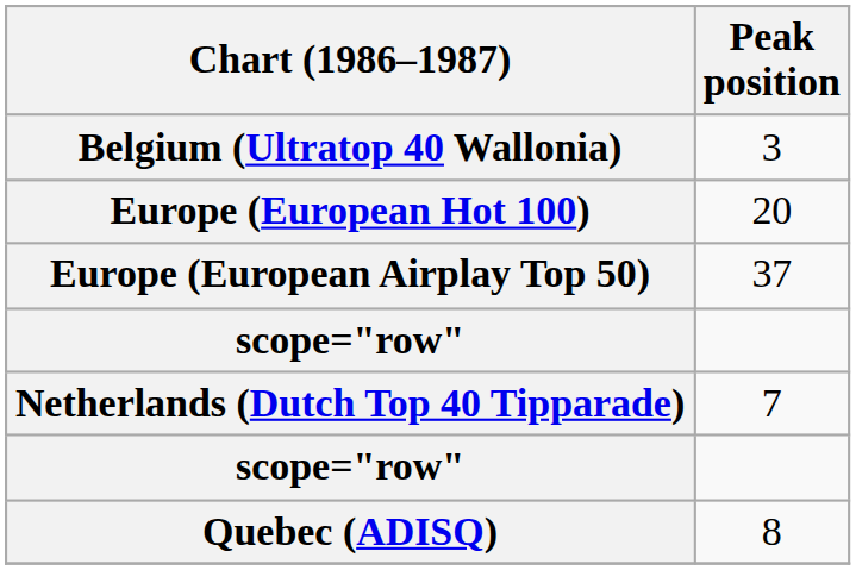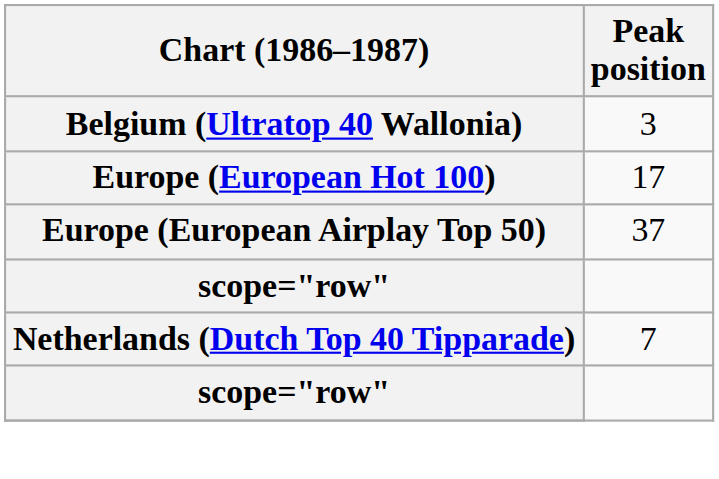 <table class="wikitable sortable plainrowheaders">
 <tr>
 <th>Chart (1986–1987)</th>
 <th>Peak<br>position</th>
 </tr>
 <tr>
 <th scope="row">Belgium (<a href='#'>Ultratop 40</a> Wallonia)</th>
 <td align="center">3</td>
 </tr>
 <tr>
 <th scope="row">Europe (<a href='#'>European Hot 100</a>)</th>
-<td align="center">20</td>
+<td align="center">17</td>
 </tr>
 <tr>
 <th scope="row">Europe (European Airplay Top 50)</th>
 <td style="text-align:center;">37</td>
 </tr>
 <tr>
 <th>scope="row"</th>
 </tr>
 <tr>
 <th scope="row">Netherlands (<a href='#'>Dutch Top 40 Tipparade</a>)</th>
 <td align="center">7</td>
 </tr>
 <tr>
 <th>scope="row"</th>
 </tr>
 <tr>
-<th scope="row">Quebec (<a href='#'>ADISQ</a>)</th>
-<td align="center">8</td>
-</tr>
-<tr>
 </tr>
 </table>
